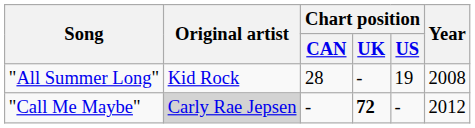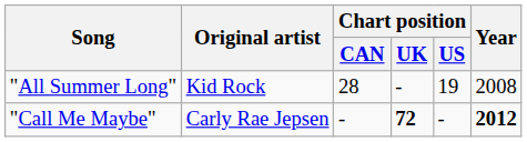 <table class="wikitable">
 <tr>
 <th rowspan="2">Song</th>
 <th rowspan="2">Original artist</th>
 <th colspan="3">Chart position</th>
 <th rowspan="2">Year</th>
 </tr>
 <tr>
 <th><a href='#'>CAN</a></th>
 <th><a href='#'>UK</a></th>
 <th><a href='#'>US</a></th>
 </tr>
 <tr>
 <td>"<a href='#'>All Summer Long</a>"</td>
 <td><a href='#'>Kid Rock</a></td>
 <td>28</td>
 <td>-</td>
 <td>19</td>
 <td>2008</td>
 </tr>
 <tr>
 <td>"<a href='#'>Call Me Maybe</a>"</td>
-<td style="background: lightgrey;"><a href='#'>Carly Rae Jepsen</a></td>
+<td><a href='#'>Carly Rae Jepsen</a></td>
 <td>-</td>
 <td><strong>72</strong></td>
 <td>-</td>
-<td>2012</td>
+<td><strong>2012</strong></td>
 </tr>
 </table>
